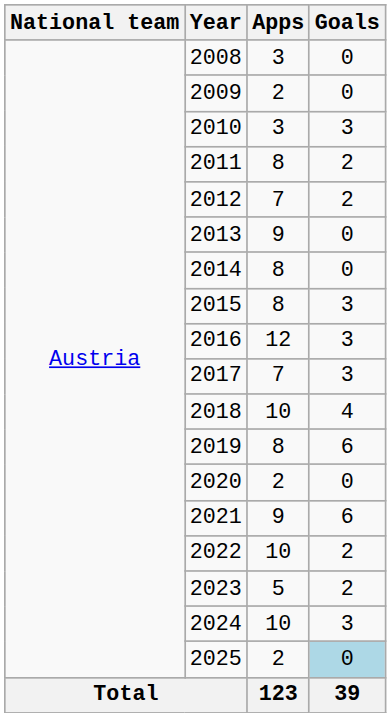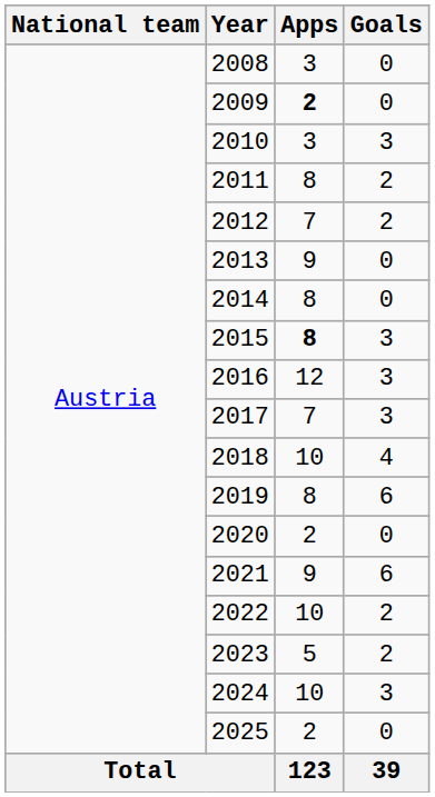 <table class="wikitable" style="text-align: center;">
 <tr>
 <th>National team</th>
 <th>Year</th>
 <th>Apps</th>
 <th>Goals</th>
 </tr>
 <tr>
 <td rowspan="18"><a href='#'>Austria</a></td>
 <td>2008</td>
 <td>3</td>
 <td>0</td>
 </tr>
 <tr>
 <td>2009</td>
-<td>2</td>
+<td><strong>2</strong></td>
 <td>0</td>
 </tr>
 <tr>
 <td>2010</td>
 <td>3</td>
 <td>3</td>
 </tr>
 <tr>
 <td>2011</td>
 <td>8</td>
 <td>2</td>
 </tr>
 <tr>
 <td>2012</td>
 <td>7</td>
 <td>2</td>
 </tr>
 <tr>
 <td>2013</td>
 <td>9</td>
 <td>0</td>
 </tr>
 <tr>
 <td>2014</td>
 <td>8</td>
 <td>0</td>
 </tr>
 <tr>
 <td>2015</td>
-<td>8</td>
+<td><strong>8</strong></td>
 <td>3</td>
 </tr>
 <tr>
 <td>2016</td>
 <td>12</td>
 <td>3</td>
 </tr>
 <tr>
 <td>2017</td>
 <td>7</td>
 <td>3</td>
 </tr>
 <tr>
 <td>2018</td>
 <td>10</td>
 <td>4</td>
 </tr>
 <tr>
 <td>2019</td>
 <td>8</td>
 <td>6</td>
 </tr>
 <tr>
 <td>2020</td>
 <td>2</td>
 <td>0</td>
 </tr>
 <tr>
 <td>2021</td>
 <td>9</td>
 <td>6</td>
 </tr>
 <tr>
 <td>2022</td>
 <td>10</td>
 <td>2</td>
 </tr>
 <tr>
 <td>2023</td>
 <td>5</td>
 <td>2</td>
 </tr>
 <tr>
 <td>2024</td>
 <td>10</td>
 <td>3</td>
 </tr>
 <tr>
 <td>2025</td>
 <td>2</td>
-<td style="background: lightblue;">0</td>
+<td>0</td>
 </tr>
 <tr>
 <th colspan="2">Total</th>
 <th>123</th>
 <th>39</th>
 </tr>
 </table>
